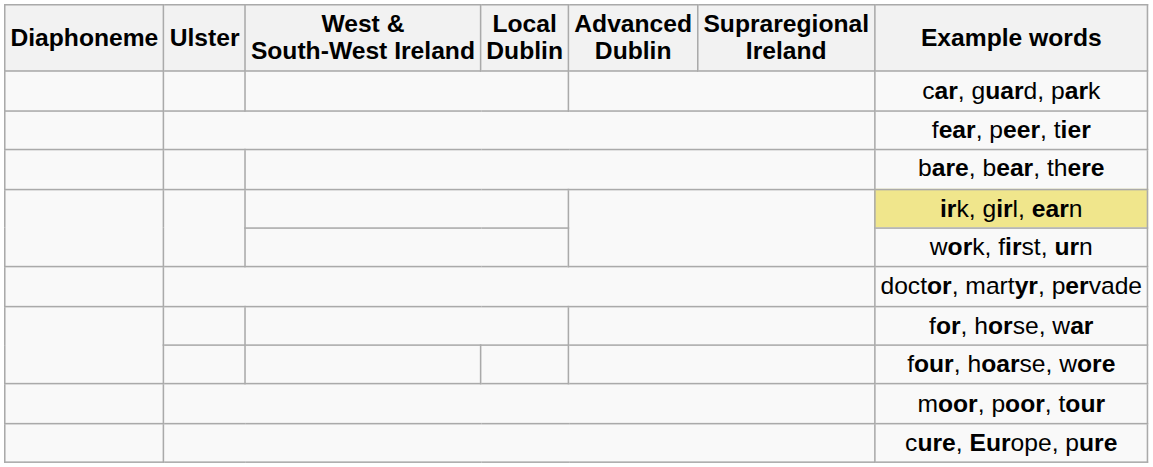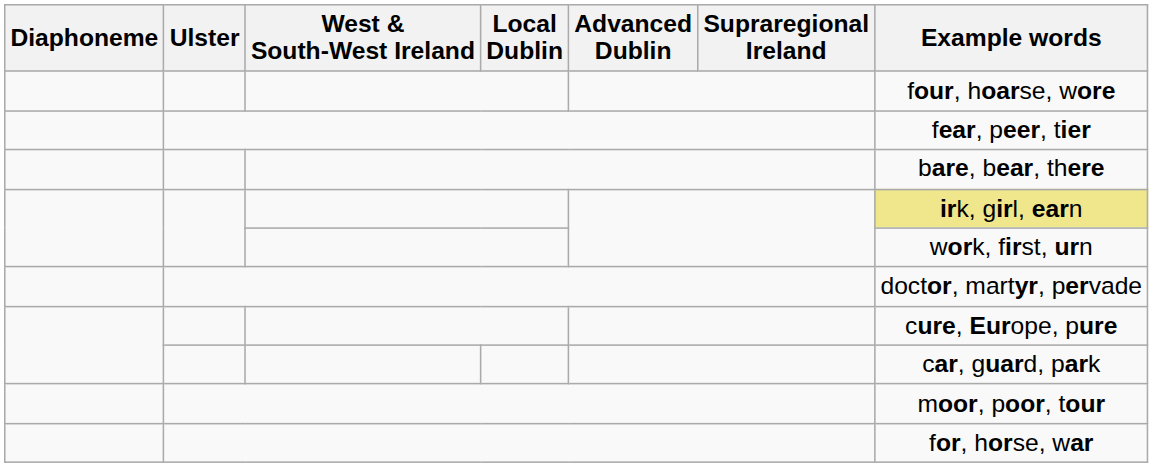 <table class="wikitable" style="text-align:center">
 <tr>
 <th><strong>Diaphoneme</strong></th>
 <th><strong>Ulster</strong></th>
 <th><strong>West & <br>South-West Ireland</strong></th>
 <th><strong>Local <br>Dublin</strong></th>
 <th><strong>Advanced <br>Dublin</strong></th>
 <th><strong>Supraregional <br>Ireland</strong></th>
 <th><strong>Example words</strong></th>
 </tr>
 <tr>
 <td></td>
 <td></td>
 <td colspan="2"></td>
 <td colspan="2"></td>
-<td>c<strong>ar</strong>, g<strong>uar</strong>d, p<strong>ar</strong>k</td>
+<td>f<strong>our</strong>, h<strong>oar</strong>se, w<strong>ore</strong></td>
 </tr>
 <tr>
 <td></td>
 <td colspan="5"></td>
 <td>f<strong>ear</strong>, p<strong>eer</strong>, t<strong>ier</strong></td>
 </tr>
 <tr>
 <td></td>
 <td></td>
 <td colspan="4"></td>
 <td>b<strong>are</strong>, b<strong>ear</strong>, th<strong>ere</strong></td>
 </tr>
 <tr>
 <td rowspan="2"></td>
 <td rowspan="2"></td>
 <td colspan="2"></td>
 <td colspan="2" rowspan="2"></td>
 <td style="background: khaki;"><strong>ir</strong>k, g<strong>ir</strong>l, <strong>ear</strong>n</td>
 </tr>
 <tr>
 <td colspan="2"></td>
 <td>w<strong>or</strong>k, f<strong>ir</strong>st, <strong>ur</strong>n</td>
 </tr>
 <tr>
 <td></td>
 <td colspan="5"></td>
 <td>doct<strong>or</strong>, mart<strong>yr</strong>, p<strong>er</strong>vade</td>
 </tr>
 <tr>
 <td rowspan="2"></td>
 <td></td>
 <td colspan="2"></td>
 <td colspan="2"></td>
-<td>f<strong>or</strong>, h<strong>or</strong>se, w<strong>ar</strong></td>
+<td>c<strong>ure</strong>, <strong>Eur</strong>ope, p<strong>ure</strong></td>
 </tr>
 <tr>
 <td></td>
 <td></td>
 <td></td>
 <td colspan="2"></td>
-<td>f<strong>our</strong>, h<strong>oar</strong>se, w<strong>ore</strong></td>
+<td>c<strong>ar</strong>, g<strong>uar</strong>d, p<strong>ar</strong>k</td>
 </tr>
 <tr>
 <td></td>
 <td colspan="5"></td>
 <td>m<strong>oor</strong>, p<strong>oor</strong>, t<strong>our</strong></td>
 </tr>
 <tr>
 <td></td>
 <td colspan="5"></td>
-<td>c<strong>ure</strong>, <strong>Eur</strong>ope, p<strong>ure</strong></td>
+<td>f<strong>or</strong>, h<strong>or</strong>se, w<strong>ar</strong></td>
 </tr>
 </table>
